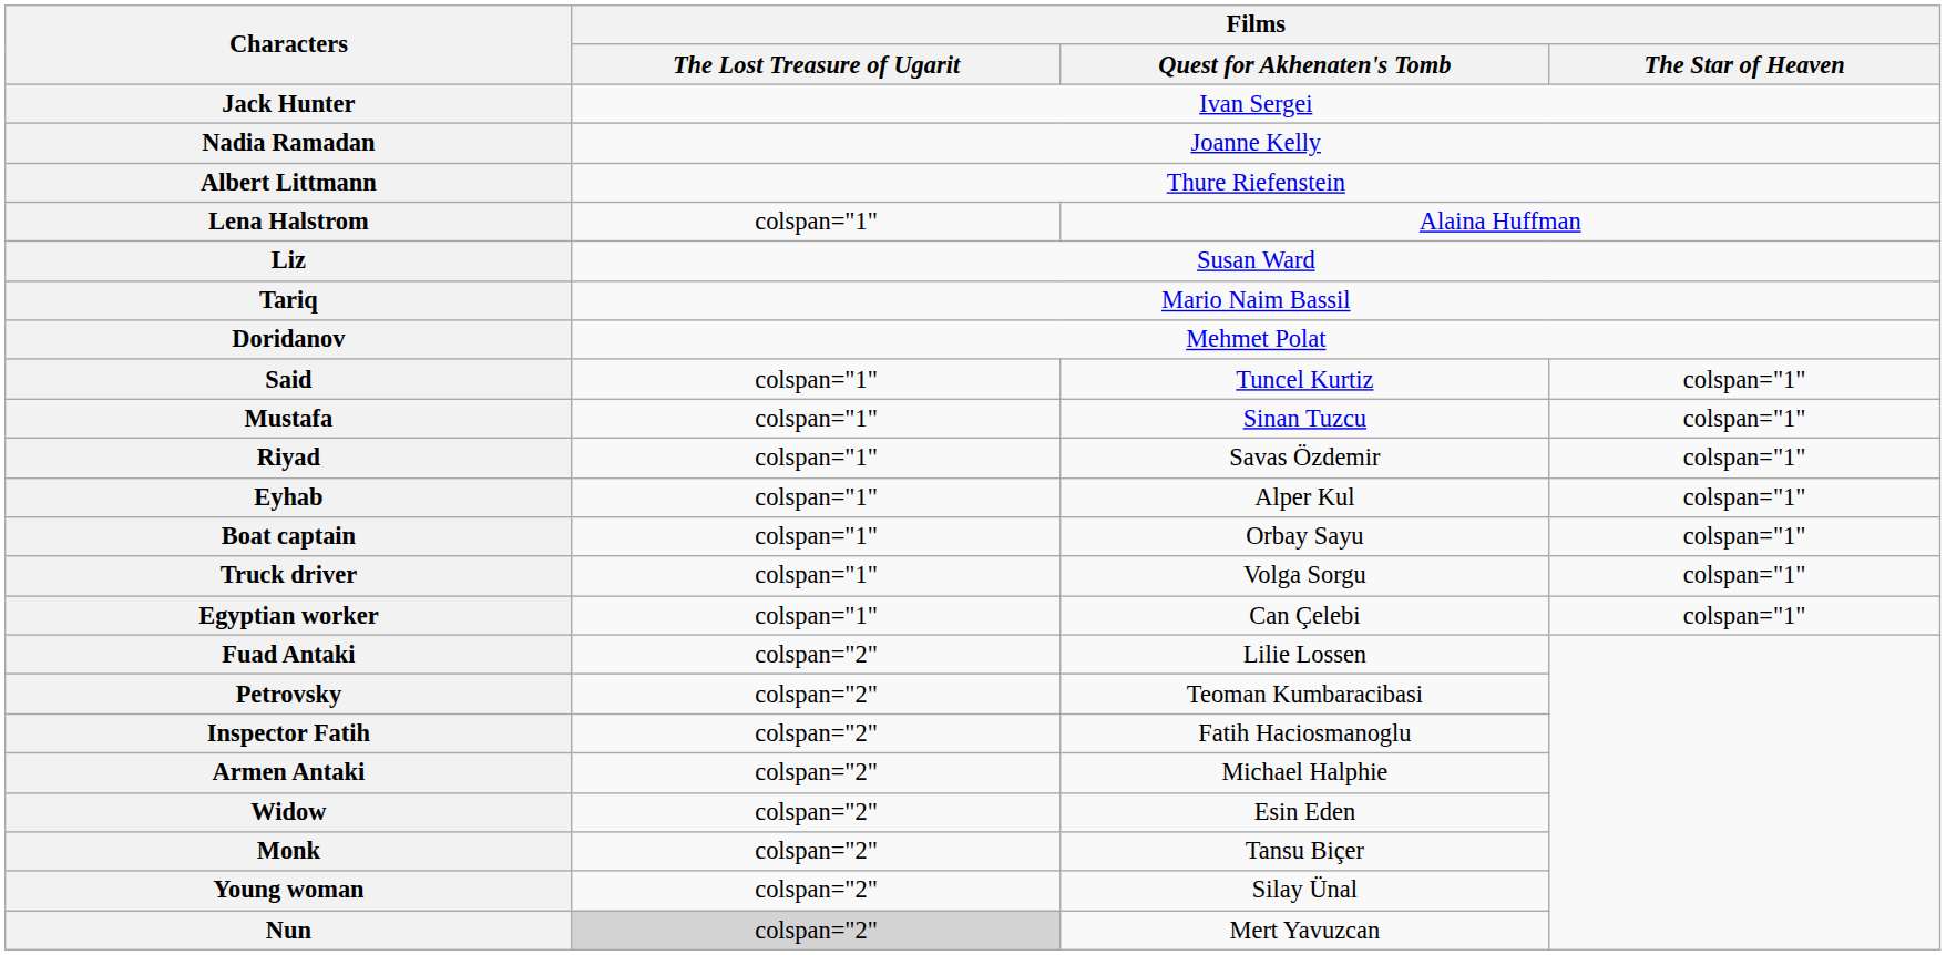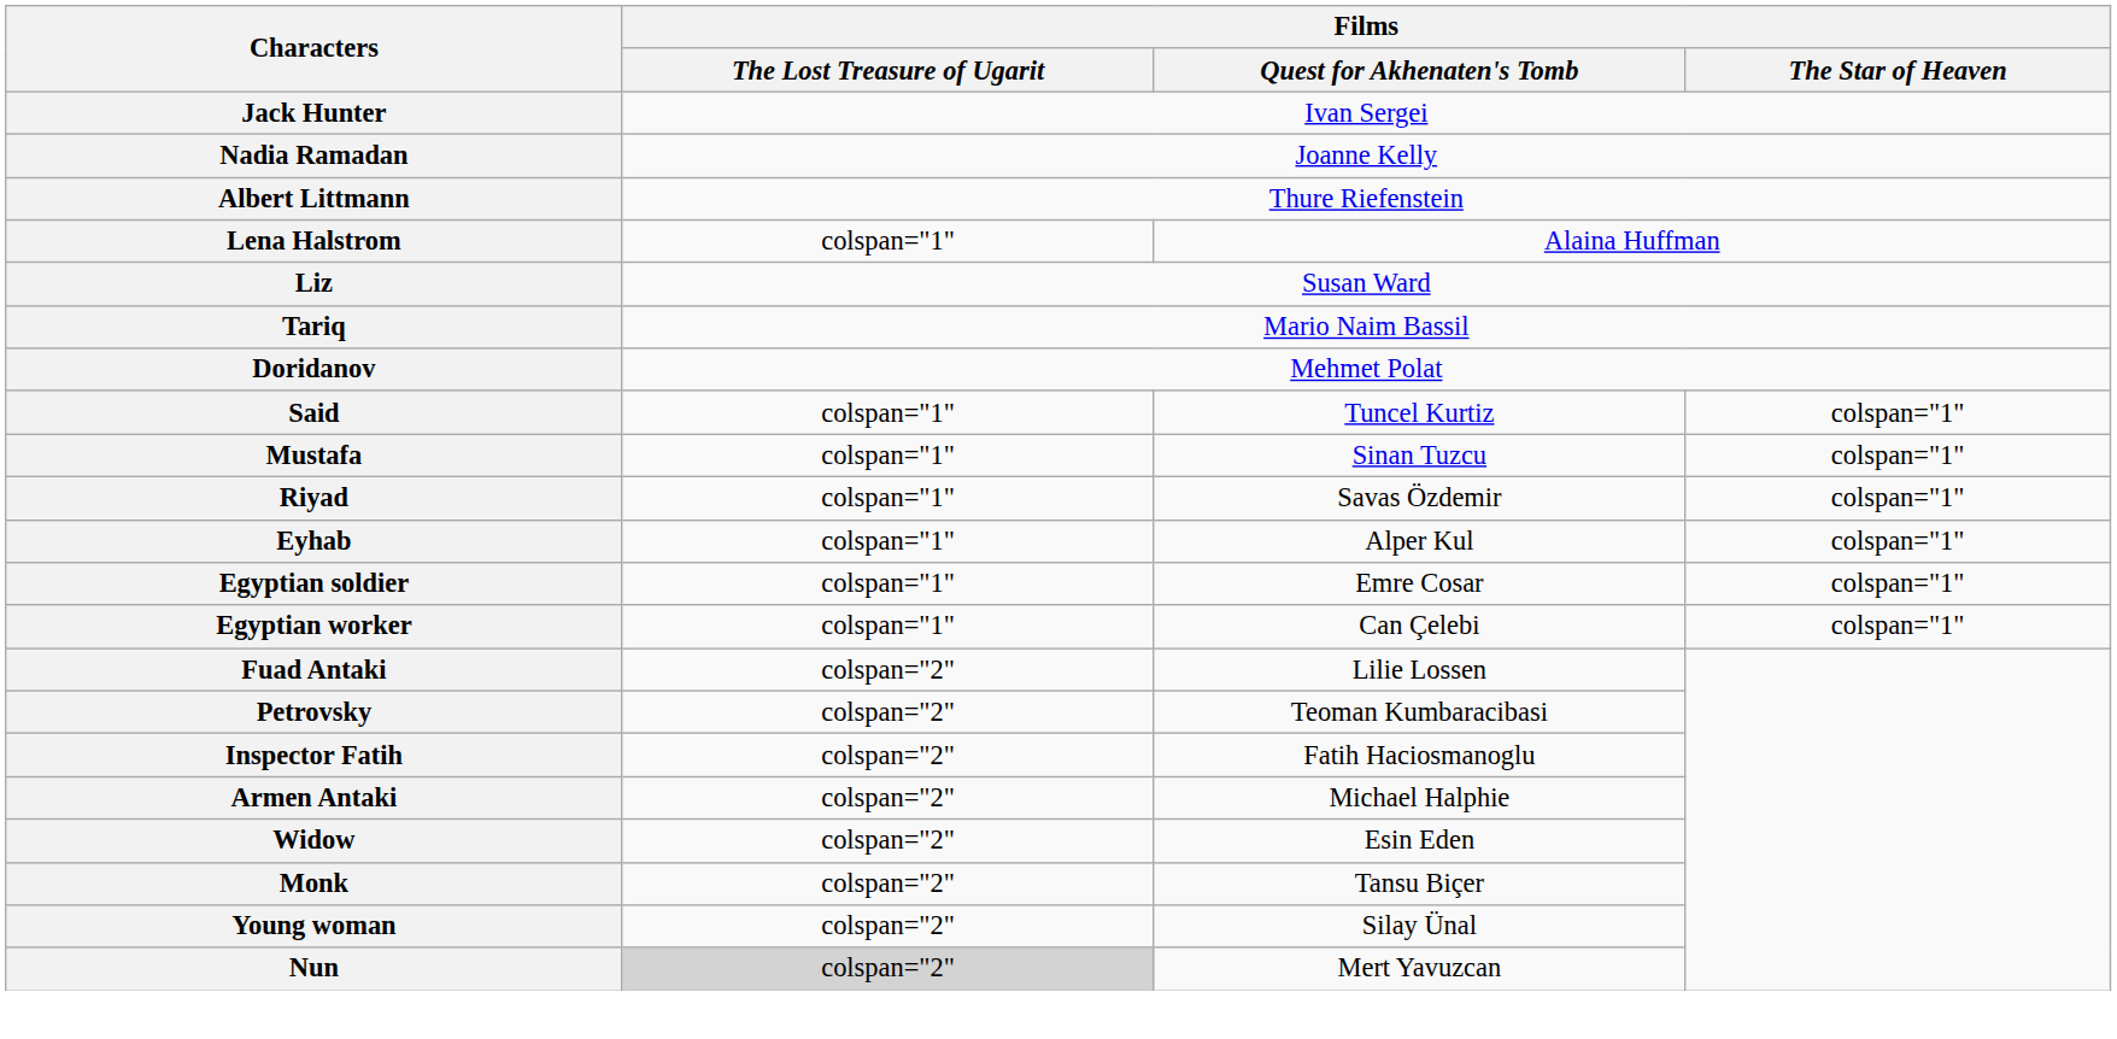 <table class="wikitable" style="text-align:center">
 <tr>
 <th rowspan="2" style="width:14.5%;">Characters</th>
 <th colspan="3">Films</th>
 </tr>
 <tr>
 <th rowspan="1" style="width:12.5%;"><em>The Lost Treasure of Ugarit</em></th>
 <th rowspan="1" style="width:12.5%;"><em>Quest for Akhenaten's Tomb</em></th>
 <th rowspan="1" style="width:10%;"><em>The Star of Heaven</em></th>
 </tr>
 <tr>
 <th>Jack Hunter</th>
 <td colspan="3" rowspan="1"><a href='#'>Ivan Sergei</a></td>
 </tr>
 <tr>
 <th>Nadia Ramadan</th>
 <td colspan="3" rowspan="1"><a href='#'>Joanne Kelly</a></td>
 </tr>
 <tr>
 <th>Albert Littmann</th>
 <td colspan="3" rowspan="1"><a href='#'>Thure Riefenstein</a></td>
 </tr>
 <tr>
 <th>Lena Halstrom</th>
 <td>colspan="1" </td>
 <td colspan="2"><a href='#'>Alaina Huffman</a></td>
 </tr>
 <tr>
 <th>Liz</th>
 <td colspan="3" rowspan="1"><a href='#'>Susan Ward</a></td>
 </tr>
 <tr>
 <th>Tariq</th>
 <td colspan="3" rowspan="1"><a href='#'>Mario Naim Bassil</a></td>
 </tr>
 <tr>
 <th>Doridanov</th>
 <td colspan="3" rowspan="1"><a href='#'>Mehmet Polat</a></td>
 </tr>
 <tr>
 <th>Said</th>
 <td>colspan="1" </td>
 <td><a href='#'>Tuncel Kurtiz</a></td>
 <td>colspan="1" </td>
 </tr>
 <tr>
 <th>Mustafa</th>
 <td>colspan="1" </td>
 <td><a href='#'>Sinan Tuzcu</a></td>
 <td>colspan="1" </td>
 </tr>
 <tr>
 <th>Riyad</th>
 <td>colspan="1" </td>
 <td>Savas Özdemir</td>
 <td>colspan="1" </td>
 </tr>
 <tr>
 <th>Eyhab</th>
 <td>colspan="1" </td>
 <td>Alper Kul</td>
 <td>colspan="1" </td>
 </tr>
 <tr>
-<th>Boat captain</th>
+<th>Egyptian soldier</th>
 <td>colspan="1" </td>
-<td>Orbay Sayu</td>
-<td>colspan="1" </td>
-</tr>
-<tr>
-<th>Truck driver</th>
-<td>colspan="1" </td>
-<td>Volga Sorgu</td>
+<td>Emre Cosar</td>
 <td>colspan="1" </td>
 </tr>
 <tr>
 <th>Egyptian worker</th>
 <td>colspan="1" </td>
 <td>Can Çelebi</td>
 <td>colspan="1" </td>
 </tr>
 <tr>
 <th>Fuad Antaki</th>
 <td>colspan="2" </td>
 <td>Lilie Lossen</td>
 </tr>
 <tr>
 <th>Petrovsky</th>
 <td>colspan="2" </td>
 <td>Teoman Kumbaracibasi</td>
 </tr>
 <tr>
 <th>Inspector Fatih</th>
 <td>colspan="2" </td>
 <td>Fatih Haciosmanoglu</td>
 </tr>
 <tr>
 <th>Armen Antaki</th>
 <td>colspan="2" </td>
 <td>Michael Halphie</td>
 </tr>
 <tr>
 <th>Widow</th>
 <td>colspan="2" </td>
 <td>Esin Eden</td>
 </tr>
 <tr>
 <th>Monk</th>
 <td>colspan="2" </td>
 <td>Tansu Biçer</td>
 </tr>
 <tr>
 <th>Young woman</th>
 <td>colspan="2" </td>
 <td>Silay Ünal</td>
 </tr>
 <tr>
 <th>Nun</th>
 <td style="background: lightgrey;">colspan="2" </td>
 <td>Mert Yavuzcan</td>
 </tr>
 </table>
